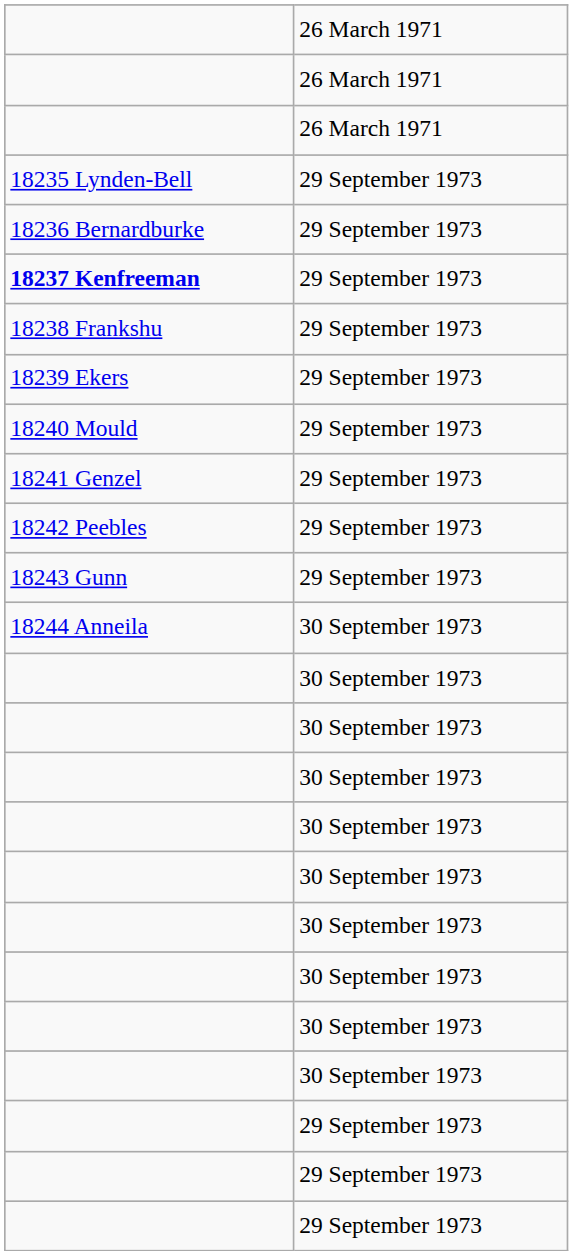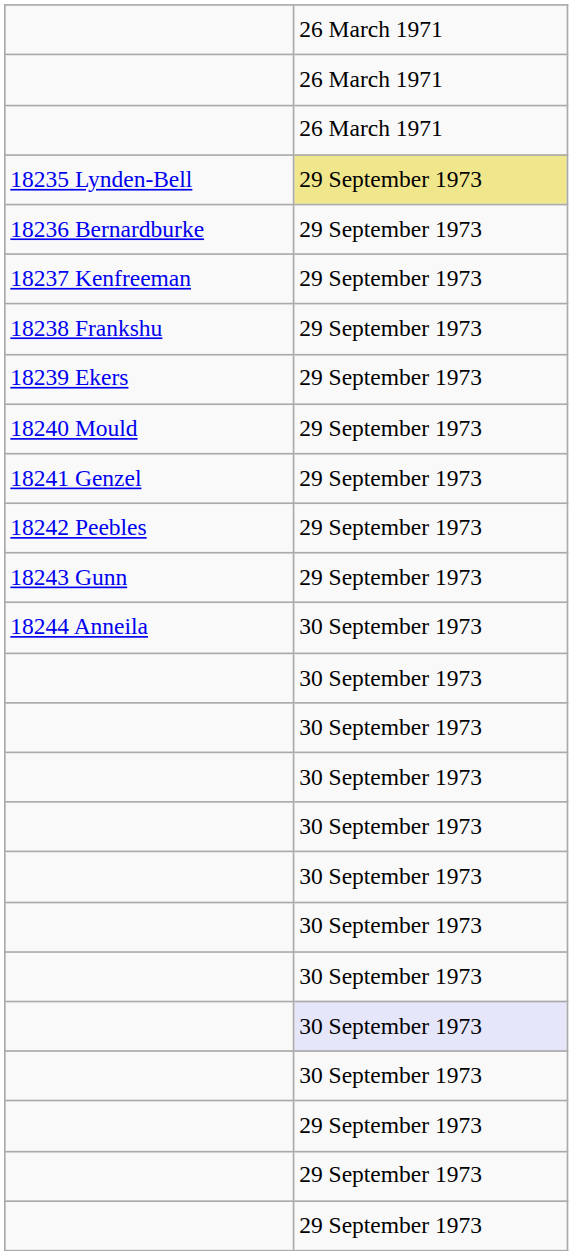 <table class="wikitable" style="font-size: 89%; float: left; width: 24em; margin-right: 1em; line-height: 1.65em">
 <tr>
 <td></td>
 <td>26 March 1971</td>
 </tr>
 <tr>
 <td></td>
 <td>26 March 1971</td>
 </tr>
 <tr>
 <td></td>
 <td>26 March 1971</td>
 </tr>
 <tr>
 <td><a href='#'>18235 Lynden-Bell</a></td>
-<td>29 September 1973</td>
+<td style="background: khaki;">29 September 1973</td>
 </tr>
 <tr>
 <td><a href='#'>18236 Bernardburke</a></td>
 <td>29 September 1973</td>
 </tr>
 <tr>
-<td><strong><a href='#'>18237 Kenfreeman</a></strong></td>
+<td><a href='#'>18237 Kenfreeman</a></td>
 <td>29 September 1973</td>
 </tr>
 <tr>
 <td><a href='#'>18238 Frankshu</a></td>
 <td>29 September 1973</td>
 </tr>
 <tr>
 <td><a href='#'>18239 Ekers</a></td>
 <td>29 September 1973</td>
 </tr>
 <tr>
 <td><a href='#'>18240 Mould</a></td>
 <td>29 September 1973</td>
 </tr>
 <tr>
 <td><a href='#'>18241 Genzel</a></td>
 <td>29 September 1973</td>
 </tr>
 <tr>
 <td><a href='#'>18242 Peebles</a></td>
 <td>29 September 1973</td>
 </tr>
 <tr>
 <td><a href='#'>18243 Gunn</a></td>
 <td>29 September 1973</td>
 </tr>
 <tr>
 <td><a href='#'>18244 Anneila</a></td>
 <td>30 September 1973</td>
 </tr>
 <tr>
 <td></td>
 <td>30 September 1973</td>
 </tr>
 <tr>
 <td></td>
 <td>30 September 1973</td>
 </tr>
 <tr>
 <td></td>
 <td>30 September 1973</td>
 </tr>
 <tr>
 <td></td>
 <td>30 September 1973</td>
 </tr>
 <tr>
 <td></td>
 <td>30 September 1973</td>
 </tr>
 <tr>
 <td></td>
 <td>30 September 1973</td>
 </tr>
 <tr>
 <td></td>
 <td>30 September 1973</td>
 </tr>
 <tr>
 <td></td>
-<td>30 September 1973</td>
+<td style="background: lavender;">30 September 1973</td>
 </tr>
 <tr>
 <td></td>
 <td>30 September 1973</td>
 </tr>
 <tr>
 <td></td>
 <td>29 September 1973</td>
 </tr>
 <tr>
 <td></td>
 <td>29 September 1973</td>
 </tr>
 <tr>
 <td></td>
 <td>29 September 1973</td>
 </tr>
 </table>
